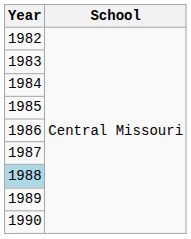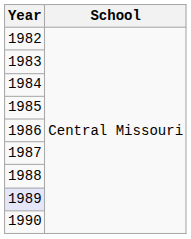 <table class="wikitable" style="text-align:center">
 <tr>
 <th>Year</th>
 <th>School</th>
 </tr>
 <tr>
 <td>1982</td>
 <td rowspan=9>Central Missouri</td>
 </tr>
 <tr>
 <td>1983</td>
 </tr>
 <tr>
 <td>1984</td>
 </tr>
 <tr>
 <td>1985</td>
 </tr>
 <tr>
 <td>1986</td>
 </tr>
 <tr>
 <td>1987</td>
 </tr>
 <tr>
-<td style="background: lightblue;">1988</td>
+<td>1988</td>
 </tr>
 <tr>
-<td>1989</td>
+<td style="background: lavender;">1989</td>
 </tr>
 <tr>
 <td>1990</td>
 </tr>
 </table>
